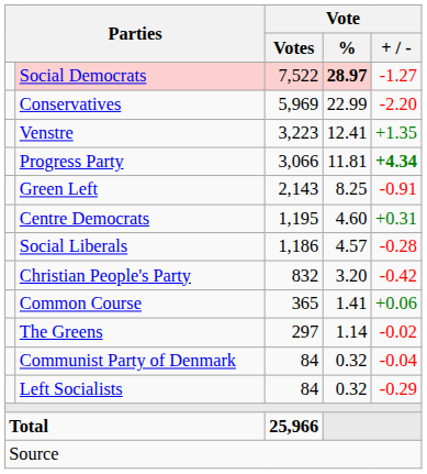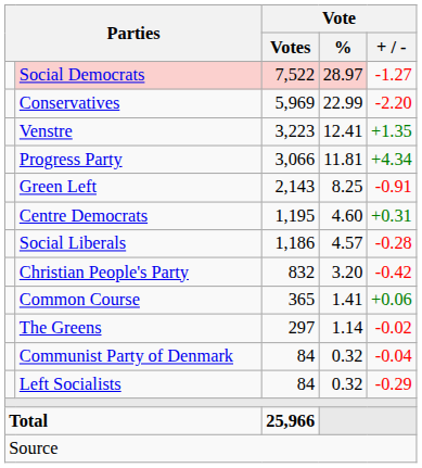 <table class="wikitable" style="text-align:right;">
 <tr>
 <th style="text-align:centre;" rowspan="2" colspan="2" width="225">Parties</th>
 <th colspan="3">Vote</th>
 </tr>
 <tr>
 <th width="15">Votes</th>
 <th width="15">%</th>
 <th width="15">+ / -</th>
 </tr>
 <tr>
 <td width="2" style="color:inherit;background:"></td>
 <td bgcolor=#fbd0ce  align="left"><a href='#'>Social Democrats</a></td>
 <td bgcolor=#fbd0ce>7,522</td>
-<td bgcolor=#fbd0ce><strong>28.97</strong></td>
+<td bgcolor=#fbd0ce>28.97</td>
 <td style=color:red;>-1.27</td>
 </tr>
 <tr>
 <td width="2" style="color:inherit;background:"></td>
 <td align="left"><a href='#'>Conservatives</a></td>
 <td>5,969</td>
 <td>22.99</td>
 <td style=color:red;>-2.20</td>
 </tr>
 <tr>
 <td width="2" style="color:inherit;background:"></td>
 <td align="left"><a href='#'>Venstre</a></td>
 <td>3,223</td>
 <td>12.41</td>
 <td style=color:green;>+1.35</td>
 </tr>
 <tr>
 <td width="2" style="color:inherit;background:"></td>
 <td align="left"><a href='#'>Progress Party</a></td>
 <td>3,066</td>
 <td>11.81</td>
-<td style=color:green;><strong>+4.34</strong></td>
+<td style=color:green;>+4.34</td>
 </tr>
 <tr>
 <td width="2" style="color:inherit;background:"></td>
 <td align="left"><a href='#'>Green Left</a></td>
 <td>2,143</td>
 <td>8.25</td>
 <td style=color:red;>-0.91</td>
 </tr>
 <tr>
 <td width="2" style="color:inherit;background:"></td>
 <td align="left"><a href='#'>Centre Democrats</a></td>
 <td>1,195</td>
 <td>4.60</td>
 <td style=color:green;>+0.31</td>
 </tr>
 <tr>
 <td width="2" style="color:inherit;background:"></td>
 <td align="left"><a href='#'>Social Liberals</a></td>
 <td>1,186</td>
 <td>4.57</td>
 <td style=color:red;>-0.28</td>
 </tr>
 <tr>
 <td width="2" style="color:inherit;background:"></td>
 <td align="left"><a href='#'>Christian People's Party</a></td>
 <td>832</td>
 <td>3.20</td>
 <td style=color:red;>-0.42</td>
 </tr>
 <tr>
 <td width="2" style="color:inherit;background:"></td>
 <td align="left"><a href='#'>Common Course</a></td>
 <td>365</td>
 <td>1.41</td>
 <td style=color:green;>+0.06</td>
 </tr>
 <tr>
 <td width="2" style="color:inherit;background:"></td>
 <td align="left"><a href='#'>The Greens</a></td>
 <td>297</td>
 <td>1.14</td>
 <td style=color:red;>-0.02</td>
 </tr>
 <tr>
 <td width="2" style="color:inherit;background:"></td>
 <td align="left"><a href='#'>Communist Party of Denmark</a></td>
 <td>84</td>
 <td>0.32</td>
 <td style=color:red;>-0.04</td>
 </tr>
 <tr>
 <td width="2" style="color:inherit;background:"></td>
 <td align="left"><a href='#'>Left Socialists</a></td>
 <td>84</td>
 <td>0.32</td>
 <td style=color:red;>-0.29</td>
 </tr>
 <tr>
 <td colspan="7" bgcolor="#E9E9E9"></td>
 </tr>
 <tr>
 <td align="left" colspan="2"><strong>Total</strong></td>
 <td><strong>25,966</strong></td>
 <td bgcolor="#E9E9E9" colspan="2"></td>
 </tr>
 <tr>
 <td align="left" colspan="6">Source</td>
 </tr>
 </table>
